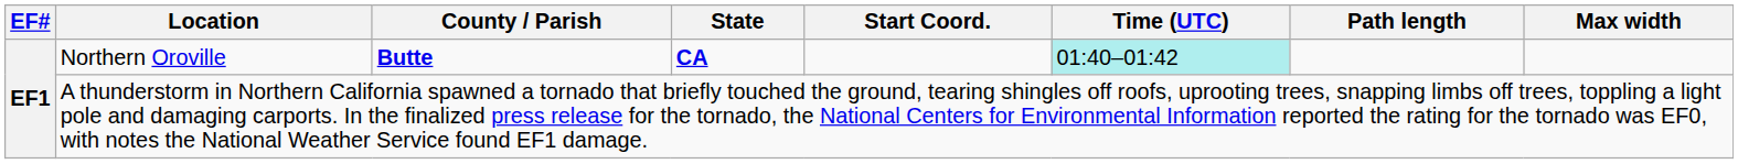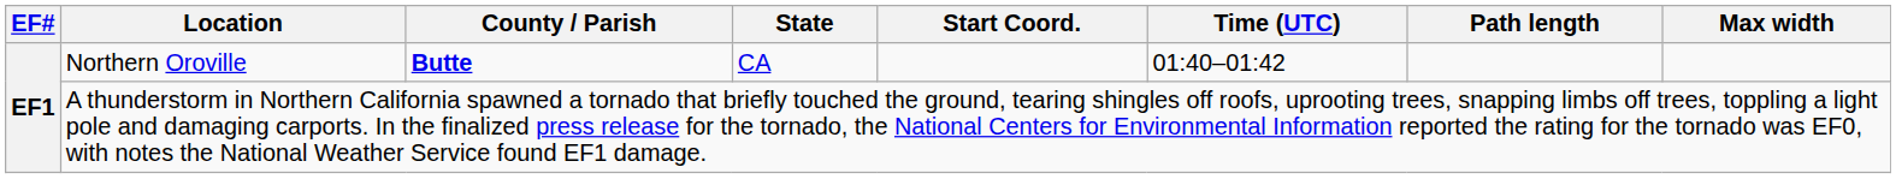 <table class="wikitable sortable" style="width:100%;">
 <tr>
 <th scope="col" width="2%" align="center"><a href='#'>EF#</a></th>
 <th scope="col" align="center" class="unsortable">Location</th>
 <th scope="col" align="center" class="unsortable">County / Parish</th>
 <th scope="col" align="center">State</th>
 <th scope="col" align="center">Start Coord.</th>
 <th scope="col" align="center">Time (<a href='#'>UTC</a>)</th>
 <th scope="col" align="center">Path length</th>
 <th scope="col" align="center">Max width</th>
 </tr>
 <tr>
 <th scope="row" rowspan="2" style="background-color:#">EF1</th>
 <td>Northern <a href='#'>Oroville</a></td>
 <td><strong><a href='#'>Butte</a></strong></td>
-<td><strong><a href='#'>CA</a></strong></td>
+<td><a href='#'>CA</a></td>
 <td></td>
-<td style="background: paleturquoise;">01:40–01:42</td>
+<td>01:40–01:42</td>
 <td></td>
 <td></td>
 </tr>
 <tr class="expand-child">
 <td colspan="8">A thunderstorm in Northern California spawned a tornado that briefly touched the ground, tearing shingles off roofs, uprooting trees, snapping limbs off trees, toppling a light pole and damaging carports. In the finalized <a href='#'>press release</a> for the tornado, the <a href='#'>National Centers for Environmental Information</a> reported the rating for the tornado was EF0, with notes the National Weather Service found EF1 damage.</td>
 </tr>
 </table>
